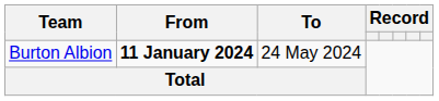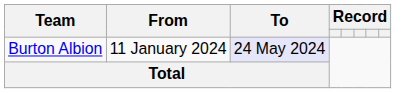 <table class=wikitable style="text-align: center">
 <tr>
 <th rowspan=2>Team</th>
 <th rowspan=2>From</th>
 <th rowspan=2>To</th>
 <th colspan=5>Record</th>
 </tr>
 <tr>
 <th></th>
 <th></th>
 <th></th>
 <th></th>
 <th></th>
 </tr>
 <tr>
 <td align=left><a href='#'>Burton Albion</a></td>
-<td align=left><strong>11 January 2024</strong></td>
-<td align=left>24 May 2024<br></td>
+<td align=left>11 January 2024</td>
+<td align=left style="background: lavender;">24 May 2024<br></td>
 </tr>
 <tr>
 <th colspan=3>Total<br></th>
 </tr>
 </table>
